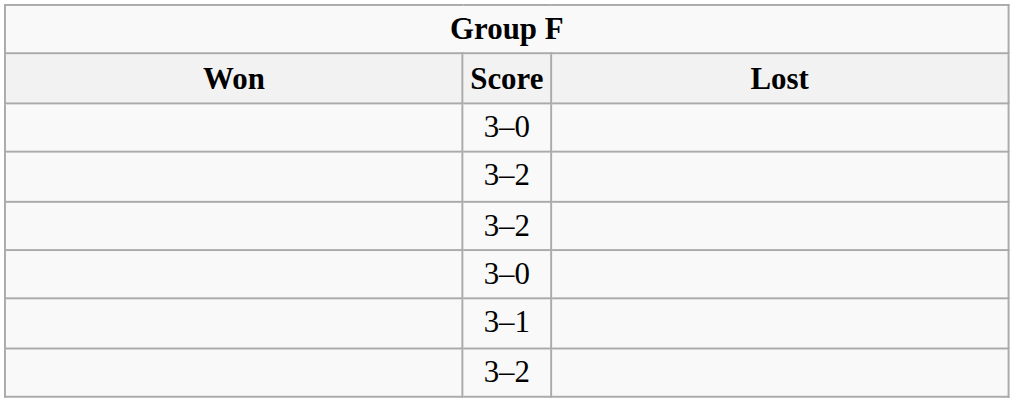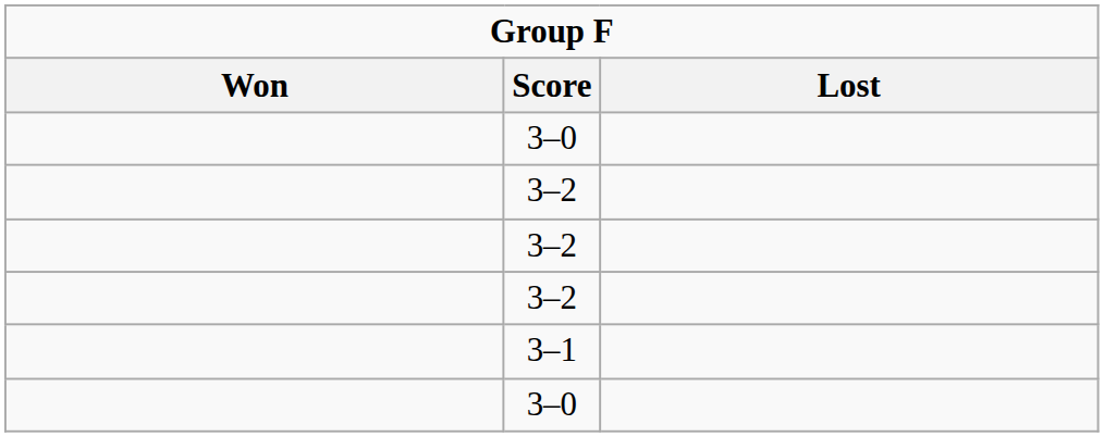 <table class="wikitable" style="text-align: center;">
 <tr>
 <td colspan="3"><strong>Group F</strong></td>
 </tr>
 <tr>
 <th scope="col" style="width: 230px;">Won</th>
 <th scope="col" style="width: 30px;">Score</th>
 <th scope="col" style="width: 230px;">Lost</th>
 </tr>
 <tr>
 <td></td>
 <td>3–0</td>
 <td></td>
 </tr>
 <tr>
 <td></td>
 <td>3–2</td>
 <td></td>
 </tr>
 <tr>
 <td></td>
 <td>3–2</td>
 <td></td>
 </tr>
 <tr>
 <td></td>
-<td>3–0</td>
+<td>3–2</td>
 <td></td>
 </tr>
 <tr>
 <td></td>
 <td>3–1</td>
 <td></td>
 </tr>
 <tr>
 <td></td>
-<td>3–2</td>
+<td>3–0</td>
 <td></td>
 </tr>
 </table>
